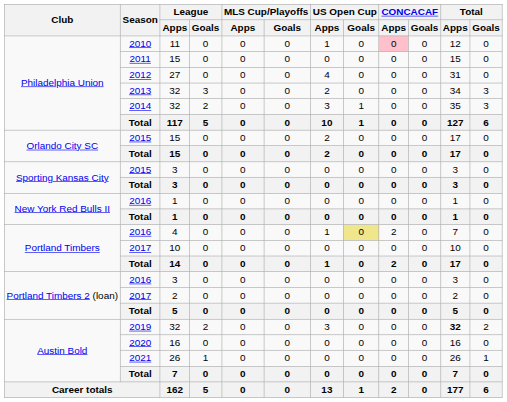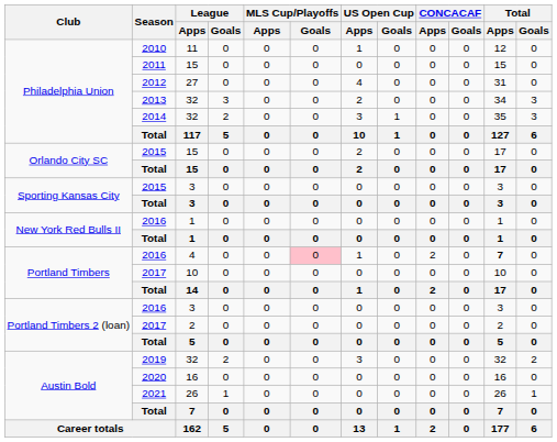 <table class="wikitable" style="text-align: center;">
 <tr>
 <th rowspan="2">Club</th>
 <th rowspan="2">Season</th>
 <th colspan="2">League</th>
 <th colspan="2">MLS Cup/Playoffs</th>
 <th colspan="2">US Open Cup</th>
 <th colspan="2"><a href='#'>CONCACAF</a></th>
 <th colspan="2">Total</th>
 </tr>
 <tr>
 <th>Apps</th>
 <th>Goals</th>
 <th>Apps</th>
 <th>Goals</th>
 <th>Apps</th>
 <th>Goals</th>
 <th>Apps</th>
 <th>Goals</th>
 <th>Apps</th>
 <th>Goals</th>
 </tr>
 <tr>
 <td rowspan="6"><a href='#'>Philadelphia Union</a></td>
 <td><a href='#'>2010</a></td>
 <td>11</td>
 <td>0</td>
 <td>0</td>
 <td>0</td>
 <td>1</td>
 <td>0</td>
-<td style="background: pink;">0</td>
+<td>0</td>
 <td>0</td>
 <td>12</td>
 <td>0</td>
 </tr>
 <tr>
 <td><a href='#'>2011</a></td>
 <td>15</td>
 <td>0</td>
 <td>0</td>
 <td>0</td>
 <td>0</td>
 <td>0</td>
 <td>0</td>
 <td>0</td>
 <td>15</td>
 <td>0</td>
 </tr>
 <tr>
 <td><a href='#'>2012</a></td>
 <td>27</td>
 <td>0</td>
 <td>0</td>
 <td>0</td>
 <td>4</td>
 <td>0</td>
 <td>0</td>
 <td>0</td>
 <td>31</td>
 <td>0</td>
 </tr>
 <tr>
 <td><a href='#'>2013</a></td>
 <td>32</td>
 <td>3</td>
 <td>0</td>
 <td>0</td>
 <td>2</td>
 <td>0</td>
 <td>0</td>
 <td>0</td>
 <td>34</td>
 <td>3</td>
 </tr>
 <tr>
 <td><a href='#'>2014</a></td>
 <td>32</td>
 <td>2</td>
 <td>0</td>
 <td>0</td>
 <td>3</td>
 <td>1</td>
 <td>0</td>
 <td>0</td>
 <td>35</td>
 <td>3</td>
 </tr>
 <tr>
 <th>Total</th>
 <th>117</th>
 <th>5</th>
 <th>0</th>
 <th>0</th>
 <th>10</th>
 <th>1</th>
 <th>0</th>
 <th>0</th>
 <th>127</th>
 <th>6</th>
 </tr>
 <tr>
 <td rowspan="2"><a href='#'>Orlando City SC</a></td>
 <td><a href='#'>2015</a></td>
 <td>15</td>
 <td>0</td>
 <td>0</td>
 <td>0</td>
 <td>2</td>
 <td>0</td>
 <td>0</td>
 <td>0</td>
 <td>17</td>
 <td>0</td>
 </tr>
 <tr>
 <th>Total</th>
 <th>15</th>
 <th>0</th>
 <th>0</th>
 <th>0</th>
 <th>2</th>
 <th>0</th>
 <th>0</th>
 <th>0</th>
 <th>17</th>
 <th>0</th>
 </tr>
 <tr>
 <td rowspan="2"><a href='#'>Sporting Kansas City</a></td>
 <td><a href='#'>2015</a></td>
 <td>3</td>
 <td>0</td>
 <td>0</td>
 <td>0</td>
 <td>0</td>
 <td>0</td>
 <td>0</td>
 <td>0</td>
 <td>3</td>
 <td>0</td>
 </tr>
 <tr>
 <th>Total</th>
 <th>3</th>
 <th>0</th>
 <th>0</th>
 <th>0</th>
 <th>0</th>
 <th>0</th>
 <th>0</th>
 <th>0</th>
 <th>3</th>
 <th>0</th>
 </tr>
 <tr>
 <td rowspan="2"><a href='#'>New York Red Bulls II</a></td>
 <td><a href='#'>2016</a></td>
 <td>1</td>
 <td>0</td>
 <td>0</td>
 <td>0</td>
 <td>0</td>
 <td>0</td>
 <td>0</td>
 <td>0</td>
 <td>1</td>
 <td>0</td>
 </tr>
 <tr>
 <th>Total</th>
 <th>1</th>
 <th>0</th>
 <th>0</th>
 <th>0</th>
 <th>0</th>
 <th>0</th>
 <th>0</th>
 <th>0</th>
 <th>1</th>
 <th>0</th>
 </tr>
 <tr>
 <td rowspan="3"><a href='#'>Portland Timbers</a></td>
 <td><a href='#'>2016</a></td>
 <td>4</td>
 <td>0</td>
 <td>0</td>
+<td style="background: pink;">0</td>
+<td>1</td>
 <td>0</td>
-<td>1</td>
-<td style="background: khaki;">0</td>
 <td>2</td>
 <td>0</td>
-<td>7</td>
+<td><strong>7</strong></td>
 <td>0</td>
 </tr>
 <tr>
 <td><a href='#'>2017</a></td>
 <td>10</td>
 <td>0</td>
 <td>0</td>
 <td>0</td>
 <td>0</td>
 <td>0</td>
 <td>0</td>
 <td>0</td>
 <td>10</td>
 <td>0</td>
 </tr>
 <tr>
 <th>Total</th>
 <th>14</th>
 <th>0</th>
 <th>0</th>
 <th>0</th>
 <th>1</th>
 <th>0</th>
 <th>2</th>
 <th>0</th>
 <th>17</th>
 <th>0</th>
 </tr>
 <tr>
 <td rowspan="3"><a href='#'>Portland Timbers 2</a> (loan)</td>
 <td><a href='#'>2016</a></td>
 <td>3</td>
 <td>0</td>
 <td>0</td>
 <td>0</td>
 <td>0</td>
 <td>0</td>
 <td>0</td>
 <td>0</td>
 <td>3</td>
 <td>0</td>
 </tr>
 <tr>
 <td><a href='#'>2017</a></td>
 <td>2</td>
 <td>0</td>
 <td>0</td>
 <td>0</td>
 <td>0</td>
 <td>0</td>
 <td>0</td>
 <td>0</td>
 <td>2</td>
 <td>0</td>
 </tr>
 <tr>
 <th>Total</th>
 <th>5</th>
 <th>0</th>
 <th>0</th>
 <th>0</th>
 <th>0</th>
 <th>0</th>
 <th>0</th>
 <th>0</th>
 <th>5</th>
 <th>0</th>
 </tr>
 <tr>
 <td rowspan="4"><a href='#'>Austin Bold</a></td>
 <td><a href='#'>2019</a></td>
 <td>32</td>
 <td>2</td>
 <td>0</td>
 <td>0</td>
 <td>3</td>
 <td>0</td>
 <td>0</td>
 <td>0</td>
-<td><strong>32</strong></td>
+<td>32</td>
 <td>2</td>
 </tr>
 <tr>
 <td><a href='#'>2020</a></td>
 <td>16</td>
 <td>0</td>
 <td>0</td>
 <td>0</td>
 <td>0</td>
 <td>0</td>
 <td>0</td>
 <td>0</td>
 <td>16</td>
 <td>0</td>
 </tr>
 <tr>
 <td><a href='#'>2021</a></td>
 <td>26</td>
 <td>1</td>
 <td>0</td>
 <td>0</td>
 <td>0</td>
 <td>0</td>
 <td>0</td>
 <td>0</td>
 <td>26</td>
 <td>1</td>
 </tr>
 <tr>
 <th>Total</th>
 <th>7</th>
 <th>0</th>
 <th>0</th>
 <th>0</th>
 <th>0</th>
 <th>0</th>
 <th>0</th>
 <th>0</th>
 <th>7</th>
 <th>0</th>
 </tr>
 <tr>
 <th colspan="2">Career totals</th>
 <th>162</th>
 <th>5</th>
 <th>0</th>
 <th>0</th>
 <th>13</th>
 <th>1</th>
 <th>2</th>
 <th>0</th>
 <th>177</th>
 <th>6</th>
 </tr>
 </table>
